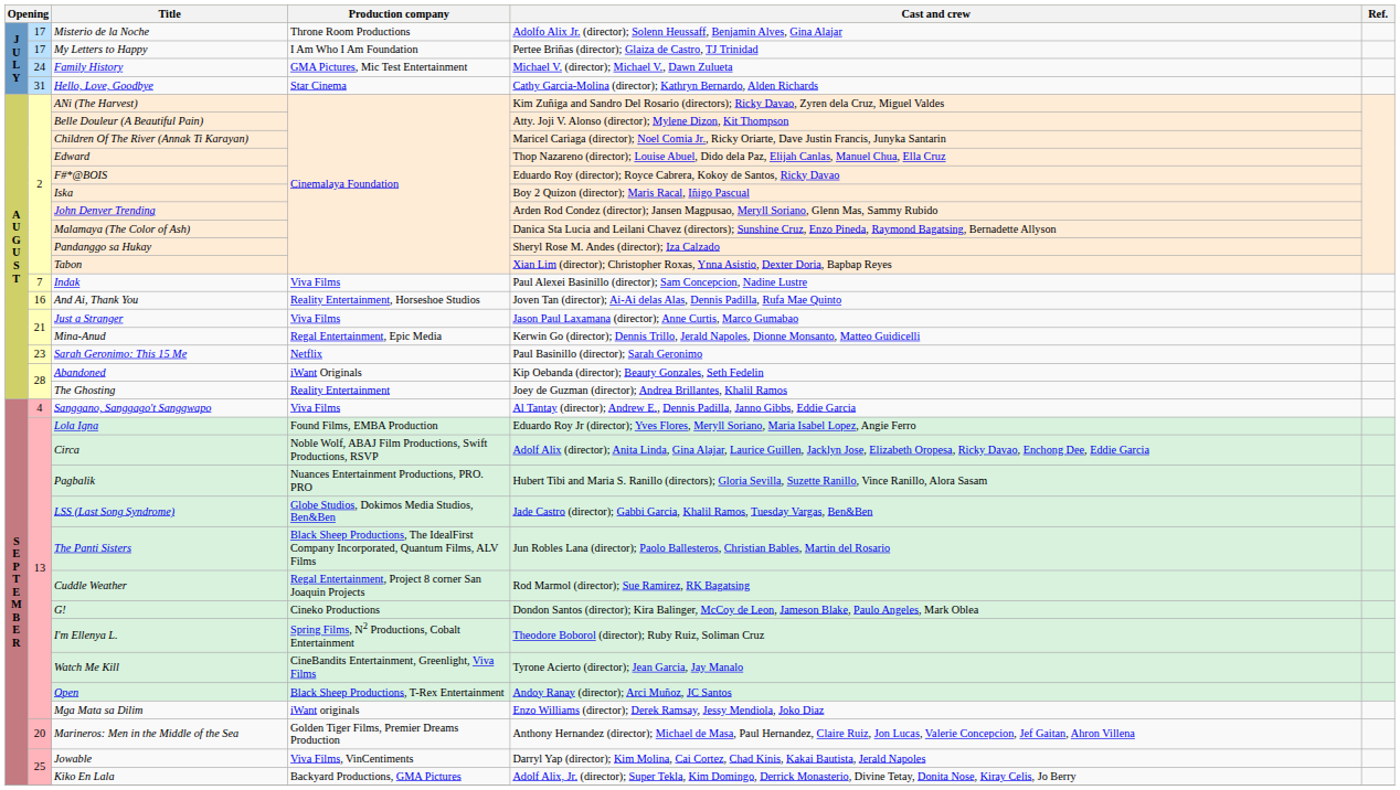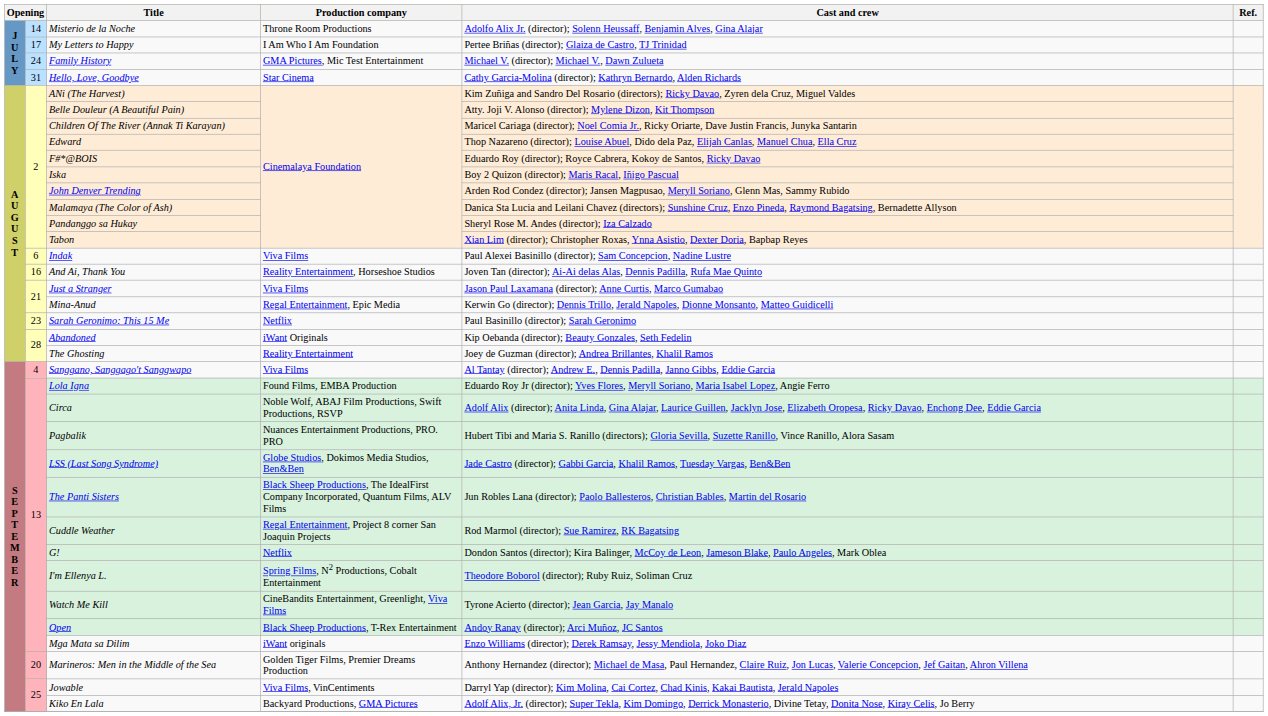 <table class="wikitable sortable">
 <tr style="background:#ffffba; text-align:center">
 <th colspan="2">Opening</th>
 <th style="width:17%">Title</th>
 <th style="width:16%">Production company</th>
 <th>Cast and crew</th>
 <th>Ref.</th>
 </tr>
 <tr>
 <th rowspan="4" style="text-align:center; background:#6698c6; width:1%">J<br>U<br>L<br>Y</th>
-<td style="text-align:center; background:#bae1ff;">17</td>
+<td style="text-align:center; background:#bae1ff;">14</td>
 <td><em>Misterio de la Noche</em></td>
 <td>Throne Room Productions</td>
 <td><a href='#'>Adolfo Alix Jr.</a> (director); <a href='#'>Solenn Heussaff</a>, <a href='#'>Benjamin Alves</a>, <a href='#'>Gina Alajar</a></td>
 <td></td>
 </tr>
 <tr>
 <td rowspan="1" style="text-align:center; background:#bae1ff; width:1%">17</td>
 <td><em>My Letters to Happy</em></td>
 <td>I Am Who I Am Foundation</td>
 <td>Pertee Briñas (director); <a href='#'>Glaiza de Castro</a>, <a href='#'>TJ Trinidad</a></td>
 <td></td>
 </tr>
 <tr>
 <td style="text-align:center; background:#bae1ff;">24</td>
 <td><em><a href='#'>Family History</a></em></td>
 <td><a href='#'>GMA Pictures</a>, Mic Test Entertainment</td>
 <td><a href='#'>Michael V.</a> (director); <a href='#'>Michael V.</a>, <a href='#'>Dawn Zulueta</a></td>
 <td></td>
 </tr>
 <tr>
 <td style="text-align:center; background:#bae1ff;">31</td>
 <td><em><a href='#'>Hello, Love, Goodbye</a></em></td>
 <td><a href='#'>Star Cinema</a></td>
 <td><a href='#'>Cathy Garcia-Molina</a> (director); <a href='#'>Kathryn Bernardo</a>, <a href='#'>Alden Richards</a></td>
 <td></td>
 </tr>
 <tr>
 <th rowspan="17" style="text-align:center; background:#d0d069; width:1%">A<br>U<br>G<br>U<br>S<br>T</th>
 <td rowspan="10" style="text-align:center; background:#ffffba; width:1%">2</td>
 <td style="background:#ffecd6;"><em>ANi (The Harvest)</em></td>
 <td rowspan="10" style="background:#ffecd6;"><a href='#'>Cinemalaya Foundation</a></td>
 <td style="background:#ffecd6;">Kim Zuñiga and Sandro Del Rosario (directors); <a href='#'>Ricky Davao</a>, Zyren dela Cruz, Miguel Valdes</td>
 <td style="background:#ffecd6;" rowspan="10"></td>
 </tr>
 <tr style="background:#ffecd6;">
 <td><em>Belle Douleur (A Beautiful Pain)</em></td>
 <td>Atty. Joji V. Alonso (director); <a href='#'>Mylene Dizon</a>, <a href='#'>Kit Thompson</a></td>
 </tr>
 <tr style="background:#ffecd6;">
 <td><em>Children Of The River (Annak Ti Karayan)</em></td>
 <td>Maricel Cariaga (director); <a href='#'>Noel Comia Jr.</a>, Ricky Oriarte, Dave Justin Francis, Junyka Santarin</td>
 </tr>
 <tr style="background:#ffecd6;">
 <td><em>Edward</em></td>
 <td>Thop Nazareno (director); <a href='#'>Louise Abuel</a>, Dido dela Paz, <a href='#'>Elijah Canlas</a>, <a href='#'>Manuel Chua</a>, <a href='#'>Ella Cruz</a></td>
 </tr>
 <tr style="background:#ffecd6;">
 <td><em>F#*@BOIS</em></td>
 <td>Eduardo Roy (director); Royce Cabrera, Kokoy de Santos, <a href='#'>Ricky Davao</a></td>
 </tr>
 <tr style="background:#ffecd6;">
 <td><em>Iska</em></td>
 <td>Boy 2 Quizon (director); <a href='#'>Maris Racal</a>, <a href='#'>Iñigo Pascual</a></td>
 </tr>
 <tr style="background:#ffecd6;">
 <td><em><a href='#'>John Denver Trending</a></em></td>
 <td>Arden Rod Condez (director); Jansen Magpusao, <a href='#'>Meryll Soriano</a>, Glenn Mas, Sammy Rubido</td>
 </tr>
 <tr style="background:#ffecd6;">
 <td><em>Malamaya (The Color of Ash)</em></td>
 <td>Danica Sta Lucia and Leilani Chavez (directors); <a href='#'>Sunshine Cruz</a>, <a href='#'>Enzo Pineda</a>, <a href='#'>Raymond Bagatsing</a>, Bernadette Allyson</td>
 </tr>
 <tr style="background:#ffecd6;">
 <td><em>Pandanggo sa Hukay</em></td>
 <td>Sheryl Rose M. Andes (director); <a href='#'>Iza Calzado</a></td>
 </tr>
 <tr style="background:#ffecd6;">
 <td><em>Tabon</em></td>
 <td><a href='#'>Xian Lim</a> (director); Christopher Roxas, <a href='#'>Ynna Asistio</a>, <a href='#'>Dexter Doria</a>, Bapbap Reyes</td>
 </tr>
 <tr>
-<td rowspan="1"  style="text-align:center; background:#ffffba">7</td>
+<td rowspan="1"  style="text-align:center; background:#ffffba">6</td>
 <td><a href='#'><em>Indak</em></a></td>
 <td><a href='#'>Viva Films</a></td>
 <td>Paul Alexei Basinillo (director); <a href='#'>Sam Concepcion</a>, <a href='#'>Nadine Lustre</a></td>
 <td></td>
 </tr>
 <tr>
 <td rowspan="1"  style="text-align:center; background:#ffffba">16</td>
 <td><em>And Ai, Thank You</em></td>
 <td><a href='#'>Reality Entertainment</a>, Horseshoe Studios</td>
 <td>Joven Tan (director); <a href='#'>Ai-Ai delas Alas</a>, <a href='#'>Dennis Padilla</a>, <a href='#'>Rufa Mae Quinto</a></td>
 <td></td>
 </tr>
 <tr>
 <td rowspan="2"  style="text-align:center; background:#ffffba">21</td>
 <td><em><a href='#'>Just a Stranger</a></em></td>
 <td><a href='#'>Viva Films</a></td>
 <td><a href='#'>Jason Paul Laxamana</a> (director); <a href='#'>Anne Curtis</a>, <a href='#'>Marco Gumabao</a></td>
 <td></td>
 </tr>
 <tr>
 <td><em>Mina-Anud</em></td>
 <td><a href='#'>Regal Entertainment</a>, Epic Media</td>
 <td>Kerwin Go (director); <a href='#'>Dennis Trillo</a>, <a href='#'>Jerald Napoles</a>, <a href='#'>Dionne Monsanto</a>, <a href='#'>Matteo Guidicelli</a></td>
 <td></td>
 </tr>
 <tr>
 <td rowspan="1"  style="text-align:center; background:#ffffba">23</td>
 <td><em><a href='#'>Sarah Geronimo: This 15 Me</a></em></td>
 <td><a href='#'>Netflix</a></td>
 <td>Paul Basinillo (director); <a href='#'>Sarah Geronimo</a></td>
 <td></td>
 </tr>
 <tr>
 <td rowspan="2"  style="text-align:center; background:#ffffba">28</td>
 <td><em><a href='#'>Abandoned</a></em></td>
 <td><a href='#'>iWant</a> Originals</td>
 <td>Kip Oebanda (director); <a href='#'>Beauty Gonzales</a>, <a href='#'>Seth Fedelin</a></td>
 <td></td>
 </tr>
 <tr>
 <td><em>The Ghosting</em></td>
 <td><a href='#'>Reality Entertainment</a></td>
 <td>Joey de Guzman (director); <a href='#'>Andrea Brillantes</a>, <a href='#'>Khalil Ramos</a></td>
 <td></td>
 </tr>
 <tr>
 <th rowspan="15" style="text-align:center; background:#c47a81; width:1%">S<br>E<br>P<br>T<br>E<br>M<br>B<br>E<br>R</th>
 <td rowspan="1" style="text-align:center; background:#ffb3ba; width:1%">4</td>
 <td><em><a href='#'>Sanggano, Sanggago't Sanggwapo</a></em></td>
 <td><a href='#'>Viva Films</a></td>
 <td><a href='#'>Al Tantay</a> (director); <a href='#'>Andrew E.</a>, <a href='#'>Dennis Padilla</a>, <a href='#'>Janno Gibbs</a>, <a href='#'>Eddie Garcia</a></td>
 <td></td>
 </tr>
 <tr style="background:#d8f2de;">
 <td rowspan="11" style="text-align:center; background:#ffb3ba; width:1%">13</td>
 <td><em><a href='#'>Lola Igna</a></em></td>
 <td>Found Films, EMBA Production</td>
 <td>Eduardo Roy Jr (director); <a href='#'>Yves Flores</a>, <a href='#'>Meryll Soriano</a>, <a href='#'>Maria Isabel Lopez</a>, Angie Ferro</td>
 <td></td>
 </tr>
 <tr style="background:#d8f2de">
 <td><em>Circa</em></td>
 <td>Noble Wolf, ABAJ Film Productions, Swift Productions, RSVP</td>
 <td><a href='#'>Adolf Alix</a> (director); <a href='#'>Anita Linda</a>, <a href='#'>Gina Alajar</a>, <a href='#'>Laurice Guillen</a>, <a href='#'>Jacklyn Jose</a>, <a href='#'>Elizabeth Oropesa</a>, <a href='#'>Ricky Davao</a>, <a href='#'>Enchong Dee</a>, <a href='#'>Eddie Garcia</a></td>
 <td></td>
 </tr>
 <tr style="background:#d8f2de">
 <td><em>Pagbalik</em></td>
 <td>Nuances Entertainment Productions, PRO. PRO</td>
 <td>Hubert Tibi and Maria S. Ranillo (directors); <a href='#'>Gloria Sevilla</a>, <a href='#'>Suzette Ranillo</a>, Vince Ranillo, Alora Sasam</td>
 <td></td>
 </tr>
 <tr style="background:#d8f2de">
 <td><em><a href='#'>LSS (Last Song Syndrome)</a></em></td>
 <td><a href='#'>Globe Studios</a>, Dokimos Media Studios, <a href='#'>Ben&Ben</a></td>
 <td><a href='#'>Jade Castro</a> (director); <a href='#'>Gabbi Garcia</a>, <a href='#'>Khalil Ramos</a>, <a href='#'>Tuesday Vargas</a>, <a href='#'>Ben&Ben</a></td>
 <td></td>
 </tr>
 <tr style="background:#d8f2de">
 <td><em><a href='#'>The Panti Sisters</a></em></td>
 <td><a href='#'>Black Sheep Productions</a>, The IdealFirst Company Incorporated, Quantum Films, ALV Films</td>
 <td>Jun Robles Lana (director); <a href='#'>Paolo Ballesteros</a>, <a href='#'>Christian Bables</a>, <a href='#'>Martin del Rosario</a></td>
 <td></td>
 </tr>
 <tr style="background:#d8f2de">
 <td><em>Cuddle Weather</em></td>
 <td><a href='#'>Regal Entertainment</a>, Project 8 corner San Joaquin Projects</td>
 <td>Rod Marmol (director); <a href='#'>Sue Ramirez</a>, <a href='#'>RK Bagatsing</a></td>
 <td></td>
 </tr>
 <tr style="background:#d8f2de">
 <td><em>G!</em></td>
-<td>Cineko Productions</td>
+<td><a href='#'>Netflix</a></td>
 <td>Dondon Santos (director); Kira Balinger, <a href='#'>McCoy de Leon</a>, <a href='#'>Jameson Blake</a>, <a href='#'>Paulo Angeles</a>, Mark Oblea</td>
 <td></td>
 </tr>
 <tr style="background:#d8f2de">
 <td><em>I'm Ellenya L.</em></td>
 <td><a href='#'>Spring Films</a>, N<sup>2</sup> Productions, Cobalt Entertainment</td>
 <td><a href='#'>Theodore Boborol</a> (director); Ruby Ruiz, Soliman Cruz</td>
 <td></td>
 </tr>
 <tr style="background:#d8f2de">
 <td><em>Watch Me Kill</em></td>
 <td>CineBandits Entertainment, Greenlight, <a href='#'>Viva Films</a></td>
 <td>Tyrone Acierto (director); <a href='#'>Jean Garcia</a>, <a href='#'>Jay Manalo</a></td>
 <td></td>
 </tr>
 <tr style="background:#d8f2de">
 <td><em><a href='#'>Open</a></em></td>
 <td><a href='#'>Black Sheep Productions</a>, T-Rex Entertainment</td>
 <td><a href='#'>Andoy Ranay</a> (director); <a href='#'>Arci Muñoz</a>, <a href='#'>JC Santos</a></td>
 <td></td>
 </tr>
 <tr>
 <td><em>Mga Mata sa Dilim</em></td>
 <td><a href='#'>iWant</a> originals</td>
 <td><a href='#'>Enzo Williams</a> (director); <a href='#'>Derek Ramsay</a>, <a href='#'>Jessy Mendiola</a>, <a href='#'>Joko Diaz</a></td>
 <td></td>
 </tr>
 <tr>
 <td rowspan="1" style="text-align:center; background:#ffb3ba; width:1%">20</td>
 <td><em>Marineros: Men in the Middle of the Sea</em></td>
 <td>Golden Tiger Films, Premier Dreams Production</td>
 <td>Anthony Hernandez (director); <a href='#'>Michael de Masa</a>, Paul Hernandez, <a href='#'>Claire Ruiz</a>, <a href='#'>Jon Lucas</a>, <a href='#'>Valerie Concepcion</a>, <a href='#'>Jef Gaitan</a>, <a href='#'>Ahron Villena</a></td>
 <td></td>
 </tr>
 <tr>
 <td rowspan="2" style="text-align:center; background:#ffb3ba; width:1%">25</td>
 <td><em>Jowable</em></td>
 <td><a href='#'>Viva Films</a>, VinCentiments</td>
 <td>Darryl Yap (director); <a href='#'>Kim Molina</a>, <a href='#'>Cai Cortez</a>, <a href='#'>Chad Kinis</a>, <a href='#'>Kakai Bautista</a>, <a href='#'>Jerald Napoles</a></td>
 <td></td>
 </tr>
 <tr>
 <td><em>Kiko En Lala</em></td>
 <td>Backyard Productions, <a href='#'>GMA Pictures</a></td>
 <td><a href='#'>Adolf Alix, Jr.</a> (director); <a href='#'>Super Tekla</a>, <a href='#'>Kim Domingo</a>, <a href='#'>Derrick Monasterio</a>, Divine Tetay, <a href='#'>Donita Nose</a>, <a href='#'>Kiray Celis</a>, Jo Berry</td>
 <td></td>
 </tr>
 <tr>
 </tr>
 </table>
